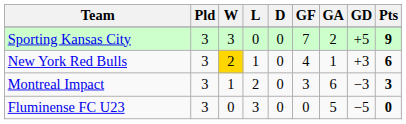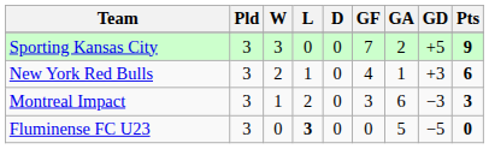 <table class="wikitable" style="text-align: center;">
 <tr>
 <th width="200">Team</th>
 <th width="20">Pld</th>
 <th width="20">W</th>
 <th width="20">L</th>
 <th width="20">D</th>
 <th width="20">GF</th>
 <th width="20">GA</th>
 <th width="20">GD</th>
 <th width="20">Pts</th>
 </tr>
 <tr>
 </tr>
 <tr bgcolor="#ccffcc">
 <td style="text-align:left;"><a href='#'>Sporting Kansas City</a></td>
 <td>3</td>
 <td>3</td>
 <td>0</td>
 <td>0</td>
 <td>7</td>
 <td>2</td>
 <td>+5</td>
 <td><strong>9</strong></td>
 </tr>
 <tr>
 <td style="text-align:left;"><a href='#'>New York Red Bulls</a></td>
 <td>3</td>
-<td style="background: gold;">2</td>
+<td>2</td>
 <td>1</td>
 <td>0</td>
 <td>4</td>
 <td>1</td>
 <td>+3</td>
 <td><strong>6</strong></td>
 </tr>
 <tr>
 <td style="text-align:left;"><a href='#'>Montreal Impact</a></td>
 <td>3</td>
 <td>1</td>
 <td>2</td>
 <td>0</td>
 <td>3</td>
 <td>6</td>
 <td>−3</td>
 <td><strong>3</strong></td>
 </tr>
 <tr>
 <td style="text-align:left;"><a href='#'>Fluminense FC U23</a></td>
 <td>3</td>
 <td>0</td>
-<td>3</td>
+<td><strong>3</strong></td>
 <td>0</td>
 <td>0</td>
 <td>5</td>
 <td>−5</td>
 <td><strong>0</strong></td>
 </tr>
 </table>
